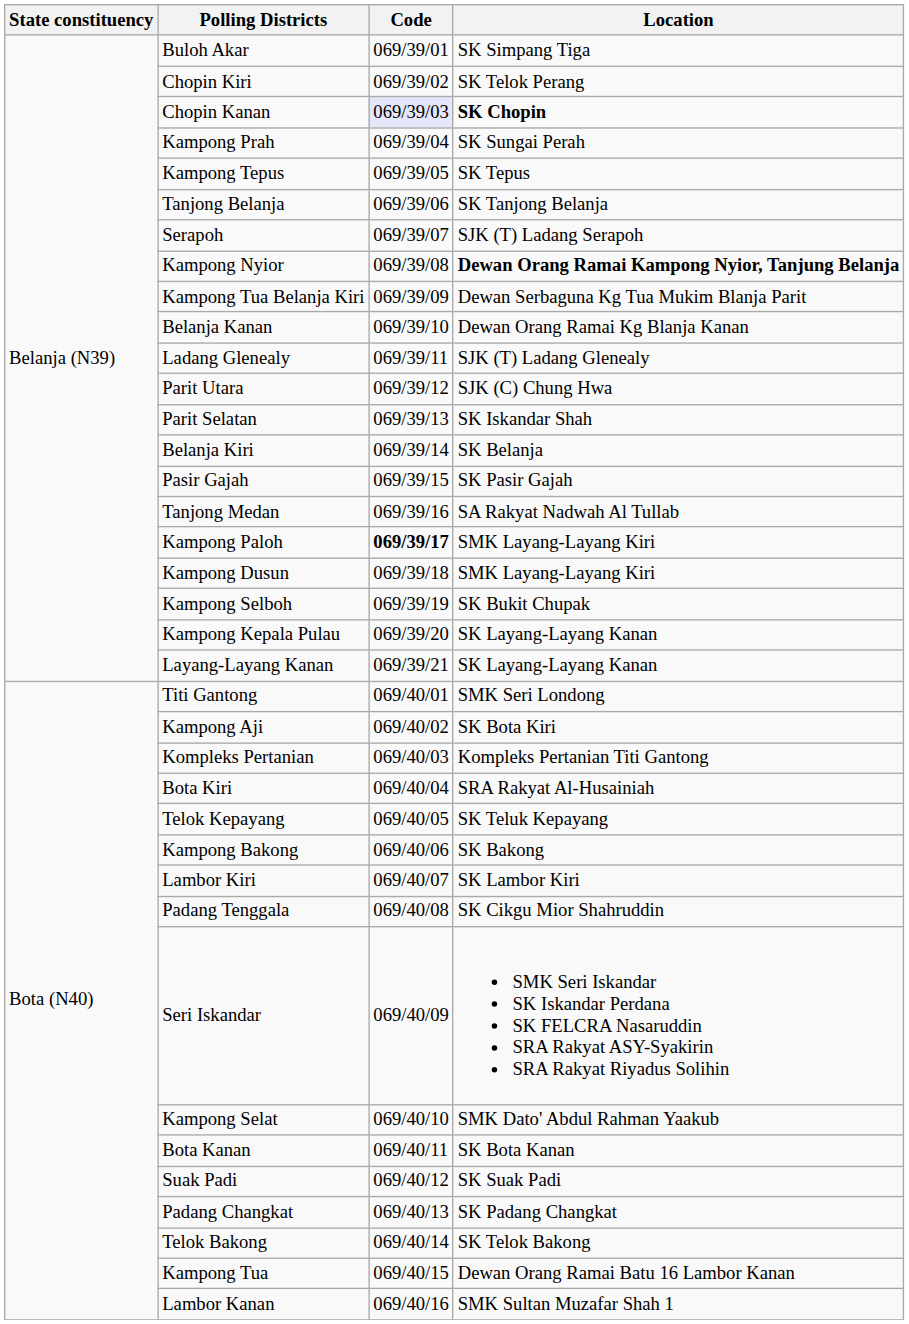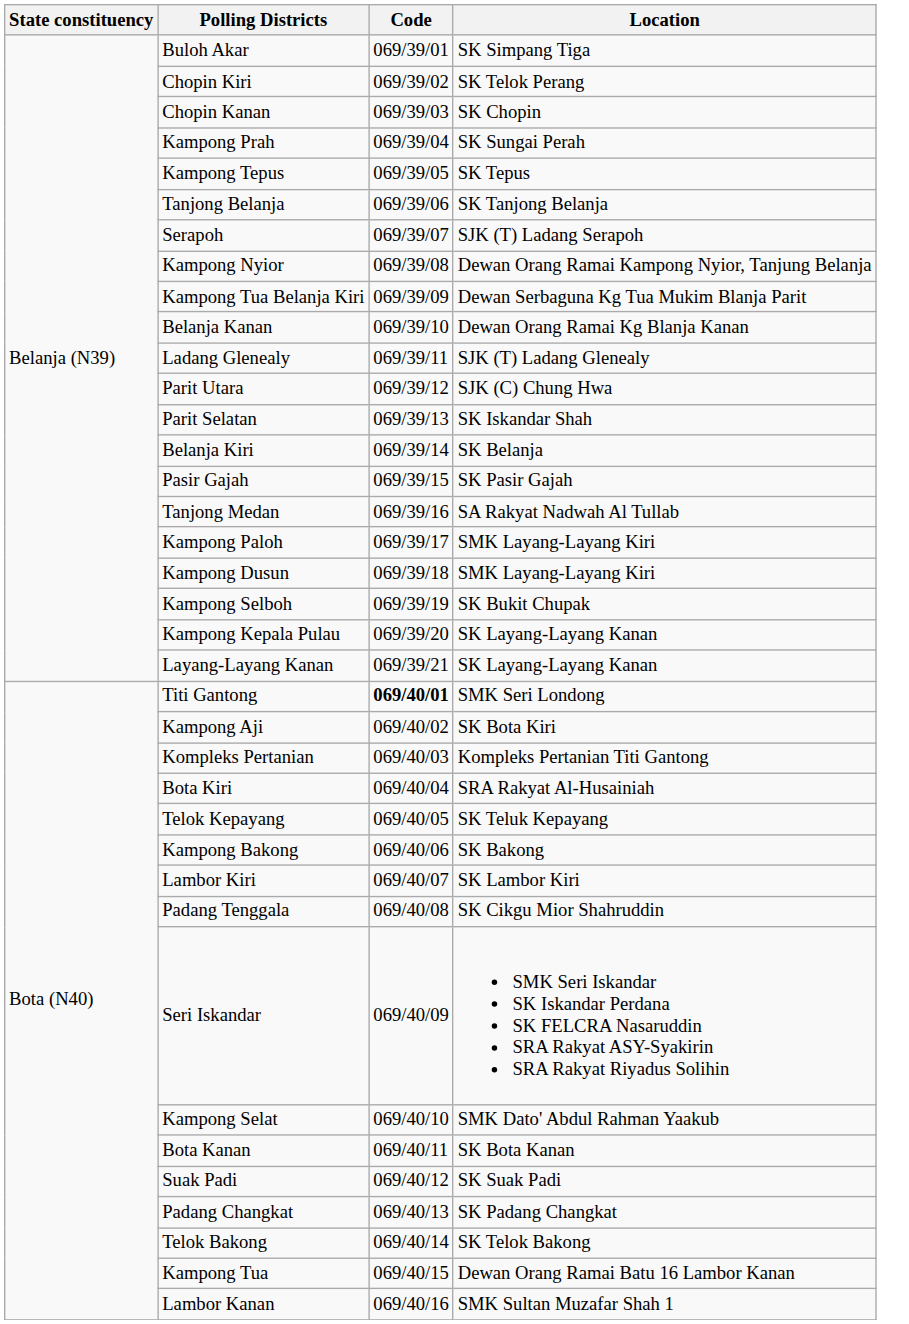 <table class="wikitable sortable mw-collapsible" style="white-space:nowrap;font-size:85%">
 <tr>
 <th>State constituency</th>
 <th>Polling Districts</th>
 <th>Code</th>
 <th>Location</th>
 </tr>
 <tr>
 <td rowspan="21">Belanja (N39)</td>
 <td>Buloh Akar</td>
 <td>069/39/01</td>
 <td>SK Simpang Tiga</td>
 </tr>
 <tr>
 <td>Chopin Kiri</td>
 <td>069/39/02</td>
 <td>SK Telok Perang</td>
 </tr>
 <tr>
 <td>Chopin Kanan</td>
-<td style="background: lavender;">069/39/03</td>
-<td><strong>SK Chopin</strong></td>
+<td>069/39/03</td>
+<td>SK Chopin</td>
 </tr>
 <tr>
 <td>Kampong Prah</td>
 <td>069/39/04</td>
 <td>SK Sungai Perah</td>
 </tr>
 <tr>
 <td>Kampong Tepus</td>
 <td>069/39/05</td>
 <td>SK Tepus</td>
 </tr>
 <tr>
 <td>Tanjong Belanja</td>
 <td>069/39/06</td>
 <td>SK Tanjong Belanja</td>
 </tr>
 <tr>
 <td>Serapoh</td>
 <td>069/39/07</td>
 <td>SJK (T) Ladang Serapoh</td>
 </tr>
 <tr>
 <td>Kampong Nyior</td>
 <td>069/39/08</td>
-<td><strong>Dewan Orang Ramai Kampong Nyior, Tanjung Belanja</strong></td>
+<td>Dewan Orang Ramai Kampong Nyior, Tanjung Belanja</td>
 </tr>
 <tr>
 <td>Kampong Tua Belanja Kiri</td>
 <td>069/39/09</td>
 <td>Dewan Serbaguna Kg Tua Mukim Blanja Parit</td>
 </tr>
 <tr>
 <td>Belanja Kanan</td>
 <td>069/39/10</td>
 <td>Dewan Orang Ramai Kg Blanja Kanan</td>
 </tr>
 <tr>
 <td>Ladang Glenealy</td>
 <td>069/39/11</td>
 <td>SJK (T) Ladang Glenealy</td>
 </tr>
 <tr>
 <td>Parit Utara</td>
 <td>069/39/12</td>
 <td>SJK (C) Chung Hwa</td>
 </tr>
 <tr>
 <td>Parit Selatan</td>
 <td>069/39/13</td>
 <td>SK Iskandar Shah</td>
 </tr>
 <tr>
 <td>Belanja Kiri</td>
 <td>069/39/14</td>
 <td>SK Belanja</td>
 </tr>
 <tr>
 <td>Pasir Gajah</td>
 <td>069/39/15</td>
 <td>SK Pasir Gajah</td>
 </tr>
 <tr>
 <td>Tanjong Medan</td>
 <td>069/39/16</td>
 <td>SA Rakyat Nadwah Al Tullab</td>
 </tr>
 <tr>
 <td>Kampong Paloh</td>
-<td><strong>069/39/17</strong></td>
+<td>069/39/17</td>
 <td>SMK Layang-Layang Kiri</td>
 </tr>
 <tr>
 <td>Kampong Dusun</td>
 <td>069/39/18</td>
 <td>SMK Layang-Layang Kiri</td>
 </tr>
 <tr>
 <td>Kampong Selboh</td>
 <td>069/39/19</td>
 <td>SK Bukit Chupak</td>
 </tr>
 <tr>
 <td>Kampong Kepala Pulau</td>
 <td>069/39/20</td>
 <td>SK Layang-Layang Kanan</td>
 </tr>
 <tr>
 <td>Layang-Layang Kanan</td>
 <td>069/39/21</td>
 <td>SK Layang-Layang Kanan</td>
 </tr>
 <tr>
 <td rowspan="16">Bota (N40)</td>
 <td>Titi Gantong</td>
-<td>069/40/01</td>
+<td><strong>069/40/01</strong></td>
 <td>SMK Seri Londong</td>
 </tr>
 <tr>
 <td>Kampong Aji</td>
 <td>069/40/02</td>
 <td>SK Bota Kiri</td>
 </tr>
 <tr>
 <td>Kompleks Pertanian</td>
 <td>069/40/03</td>
 <td>Kompleks Pertanian Titi Gantong</td>
 </tr>
 <tr>
 <td>Bota Kiri</td>
 <td>069/40/04</td>
 <td>SRA Rakyat Al-Husainiah</td>
 </tr>
 <tr>
 <td>Telok Kepayang</td>
 <td>069/40/05</td>
 <td>SK Teluk Kepayang</td>
 </tr>
 <tr>
 <td>Kampong Bakong</td>
 <td>069/40/06</td>
 <td>SK Bakong</td>
 </tr>
 <tr>
 <td>Lambor Kiri</td>
 <td>069/40/07</td>
 <td>SK Lambor Kiri</td>
 </tr>
 <tr>
 <td>Padang Tenggala</td>
 <td>069/40/08</td>
 <td>SK Cikgu Mior Shahruddin</td>
 </tr>
 <tr>
 <td>Seri Iskandar</td>
 <td>069/40/09</td>
 <td><br><ul><li>SMK Seri Iskandar</li><li>SK Iskandar Perdana</li><li>SK FELCRA Nasaruddin</li><li>SRA Rakyat ASY-Syakirin</li><li>SRA Rakyat Riyadus Solihin</li></ul></td>
 </tr>
 <tr>
 <td>Kampong Selat</td>
 <td>069/40/10</td>
 <td>SMK Dato' Abdul Rahman Yaakub</td>
 </tr>
 <tr>
 <td>Bota Kanan</td>
 <td>069/40/11</td>
 <td>SK Bota Kanan</td>
 </tr>
 <tr>
 <td>Suak Padi</td>
 <td>069/40/12</td>
 <td>SK Suak Padi</td>
 </tr>
 <tr>
 <td>Padang Changkat</td>
 <td>069/40/13</td>
 <td>SK Padang Changkat</td>
 </tr>
 <tr>
 <td>Telok Bakong</td>
 <td>069/40/14</td>
 <td>SK Telok Bakong</td>
 </tr>
 <tr>
 <td>Kampong Tua</td>
 <td>069/40/15</td>
 <td>Dewan Orang Ramai Batu 16 Lambor Kanan</td>
 </tr>
 <tr>
 <td>Lambor Kanan</td>
 <td>069/40/16</td>
 <td>SMK Sultan Muzafar Shah 1</td>
 </tr>
 </table>
